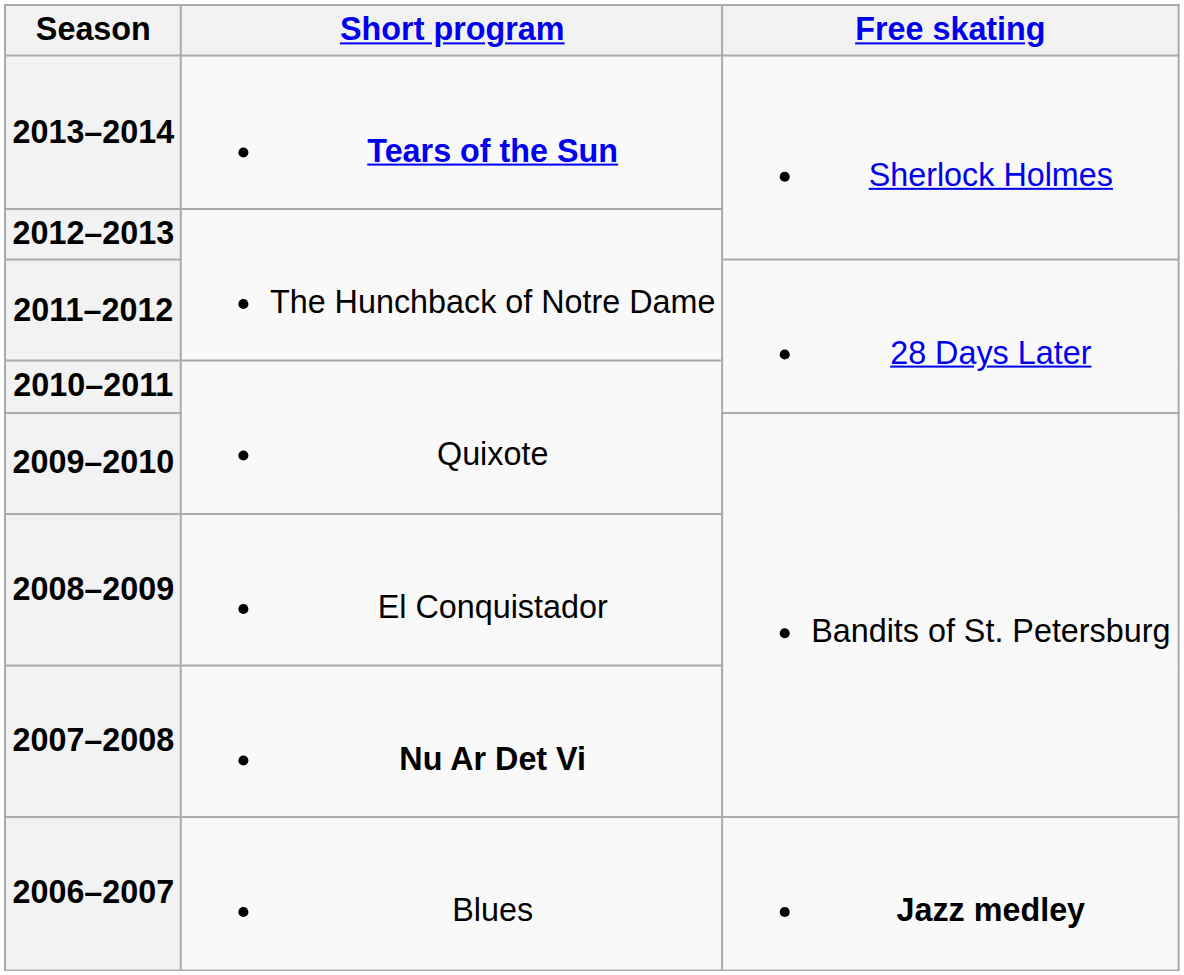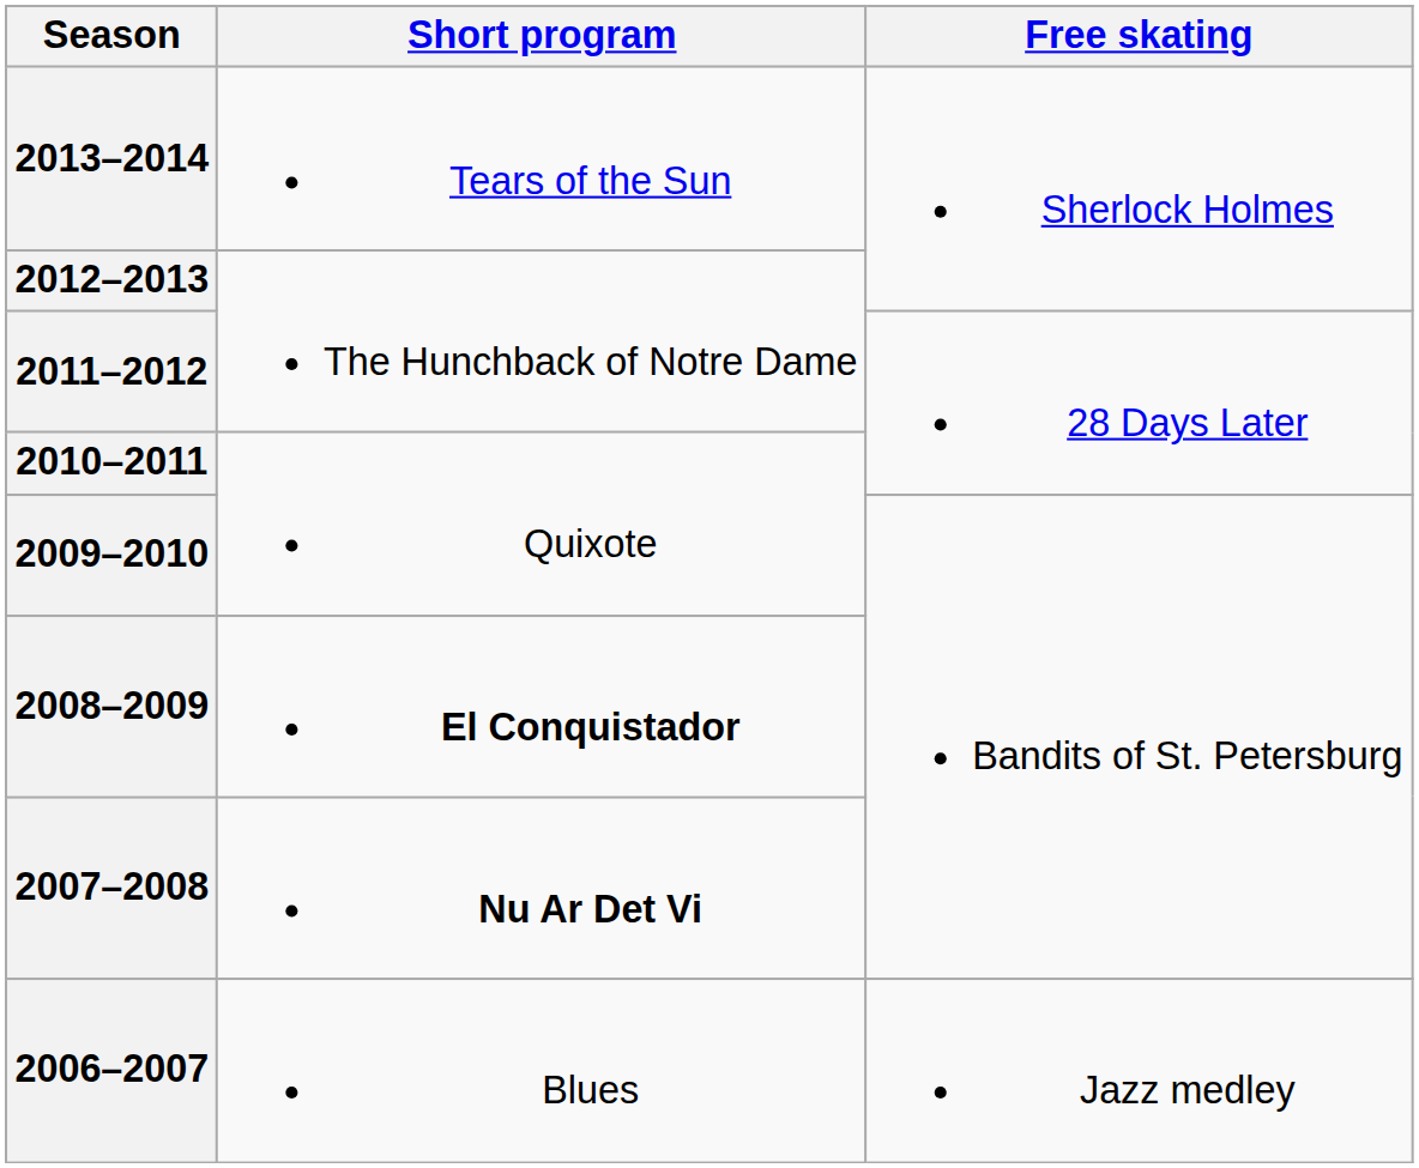 <table class=wikitable style=text-align:center>
 <tr>
 <th>Season</th>
 <th><a href='#'>Short program</a></th>
 <th><a href='#'>Free skating</a></th>
 </tr>
 <tr>
 <th>2013–2014 <br> </th>
-<td><strong><br><ul><li><a href='#'>Tears of the Sun</a> <br></li></ul></strong></td>
+<td><br><ul><li><a href='#'>Tears of the Sun</a> <br></li></ul></td>
 <td rowspan="2"><br><ul><li><a href='#'>Sherlock Holmes</a> <br></li></ul></td>
 </tr>
 <tr>
 <th>2012–2013 <br> </th>
 <td rowspan="2"><br><ul><li>The Hunchback of Notre Dame</li></ul></td>
 </tr>
 <tr>
 <th>2011–2012 <br> </th>
 <td rowspan="2"><br><ul><li><a href='#'>28 Days Later</a></li></ul></td>
 </tr>
 <tr>
 <th>2010–2011 <br> </th>
 <td rowspan="2"><br><ul><li>Quixote <br></li></ul></td>
 </tr>
 <tr>
 <th>2009–2010</th>
 <td rowspan="3"><br><ul><li>Bandits of St. Petersburg <br></li></ul></td>
 </tr>
 <tr>
 <th>2008–2009 <br> </th>
-<td><br><ul><li>El Conquistador <br></li></ul></td>
+<td><strong><br><ul><li>El Conquistador <br></li></ul></strong></td>
 </tr>
 <tr>
 <th>2007–2008 <br> </th>
 <td><strong><br><ul><li>Nu Ar Det Vi <br></li></ul></strong></td>
 </tr>
 <tr>
 <th>2006–2007 <br> </th>
 <td><br><ul><li>Blues</li></ul></td>
-<td><strong><br><ul><li>Jazz medley</li></ul></strong></td>
+<td><br><ul><li>Jazz medley</li></ul></td>
 </tr>
 </table>
